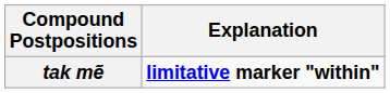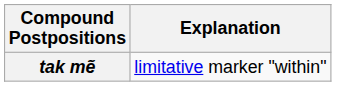 <table class="wikitable">
 <tr>
 <th>Compound<br>Postpositions</th>
 <th>Explanation</th>
 </tr>
 <tr>
 <th><em>tak mẽ</em></th>
-<td><strong><a href='#'>limitative</a> marker "within"</strong></td>
+<td><a href='#'>limitative</a> marker "within"</td>
 </tr>
 </table>
